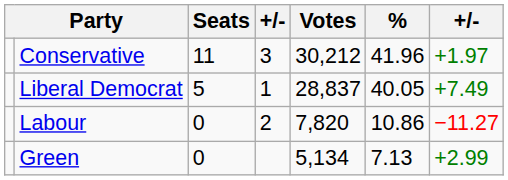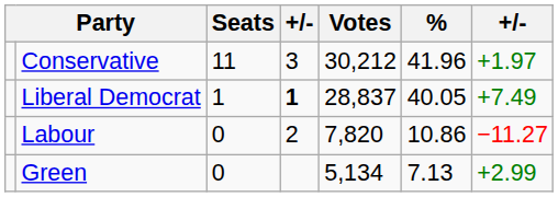 <table class="wikitable">
 <tr>
 <th colspan="2">Party</th>
 <th>Seats</th>
 <th>+/-</th>
 <th>Votes</th>
 <th>%</th>
 <th>+/-</th>
 </tr>
 <tr>
 <td style="background-color: "></td>
 <td><a href='#'>Conservative</a></td>
 <td>11</td>
 <td> 3</td>
 <td>30,212</td>
 <td>41.96</td>
 <td style="color:green">+1.97</td>
 </tr>
 <tr>
 <td style="background-color: "></td>
 <td><a href='#'>Liberal Democrat</a></td>
-<td>5</td>
-<td> 1</td>
+<td>1</td>
+<td><strong> 1</strong></td>
 <td>28,837</td>
 <td>40.05</td>
 <td style="color:green">+7.49</td>
 </tr>
 <tr>
 <td style="background-color: "></td>
 <td><a href='#'>Labour</a></td>
 <td>0</td>
 <td> 2</td>
 <td>7,820</td>
 <td>10.86</td>
 <td style="color:red">−11.27</td>
 </tr>
 <tr>
 <td style="background-color: "></td>
 <td><a href='#'>Green</a></td>
 <td>0</td>
 <td></td>
 <td>5,134</td>
 <td>7.13</td>
 <td style="color:green">+2.99</td>
 </tr>
 </table>
